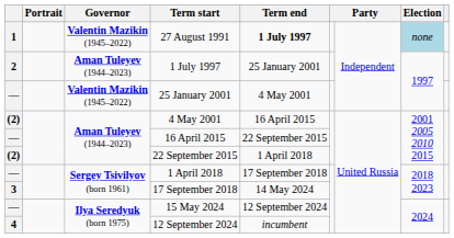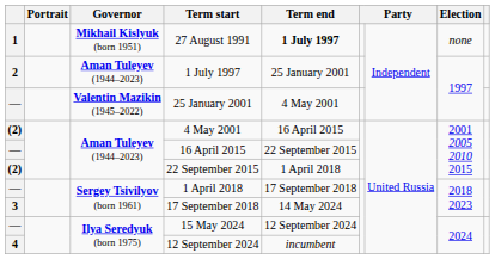 <table class="wikitable" style="text-align:center">
 <tr style="background:#cccccc" bgcolor=#E6E6AA>
 <th></th>
 <th>Portrait</th>
 <th>Governor</th>
 <th>Term start</th>
 <th>Term end</th>
 <th colspan=2>Party</th>
 <th>Election</th>
 <th></th>
 </tr>
 <tr>
 <th>1</th>
 <td></td>
-<td><strong><a href='#'>Valentin Mazikin</a></strong><br><small>(1945–2022)</small></td>
+<td><strong><a href='#'>Mikhail Kislyuk</a></strong><br><small>(born 1951)</small></td>
 <td>27 August 1991</td>
 <td><strong>1 July 1997</strong></td>
 <td style="background: "></td>
 <td rowspan=3><a href='#'>Independent</a></td>
-<td style="background: lightblue;"><em>none</em></td>
+<td><em>none</em></td>
 <td></td>
 </tr>
 <tr>
 <th>2</th>
 <td></td>
 <td><strong><a href='#'>Aman Tuleyev</a></strong><br><small>(1944–2023)</small></td>
 <td>1 July 1997</td>
 <td>25 January 2001</td>
 <td style="background: "></td>
 <td rowspan=2><a href='#'>1997</a></td>
 <td></td>
 </tr>
 <tr>
 <th>—</th>
 <td></td>
 <td><strong><a href='#'>Valentin Mazikin</a></strong><br><small>(1945–2022)</small></td>
 <td>25 January 2001</td>
 <td>4 May 2001</td>
 <td style="background: "></td>
 <td></td>
 </tr>
 <tr>
 <th>(2)</th>
 <td rowspan=3></td>
 <td rowspan=3><strong><a href='#'>Aman Tuleyev</a></strong><br><small>(1944–2023)</small></td>
 <td>4 May 2001</td>
 <td>16 April 2015</td>
 <td rowspan=3; style="background: "></td>
 <td rowspan=7><a href='#'>United Russia</a></td>
 <td rowspan=3><a href='#'>2001</a><br><em><a href='#'>2005</a></em><br><em><a href='#'>2010</a></em><br><a href='#'>2015</a></td>
 <td rowspan=3></td>
 </tr>
 <tr>
 <th>—</th>
 <td>16 April 2015</td>
 <td>22 September 2015</td>
 </tr>
 <tr>
 <th>(2)</th>
 <td>22 September 2015</td>
 <td>1 April 2018</td>
 </tr>
 <tr>
 <th>—</th>
 <td rowspan=2></td>
 <td rowspan=2><strong><a href='#'>Sergey Tsivilyov</a></strong><br><small>(born 1961)</small></td>
 <td>1 April 2018</td>
 <td>17 September 2018</td>
 <td rowspan=4; style="background: "></td>
 <td rowspan=2><a href='#'>2018</a><br><a href='#'>2023</a></td>
 <td rowspan=2></td>
 </tr>
 <tr>
 <th>3</th>
 <td>17 September 2018</td>
 <td>14 May 2024</td>
 </tr>
 <tr>
 <th>—</th>
 <td rowspan=2></td>
 <td rowspan=2><strong><a href='#'>Ilya Seredyuk</a></strong><br><small>(born 1975)</small></td>
 <td>15 May 2024</td>
 <td>12 September 2024</td>
 <td rowspan=2><a href='#'>2024</a></td>
 <td rowspan=2></td>
 </tr>
 <tr>
 <th>4</th>
 <td>12 September 2024</td>
 <td><em>incumbent</em></td>
 </tr>
 </table>
